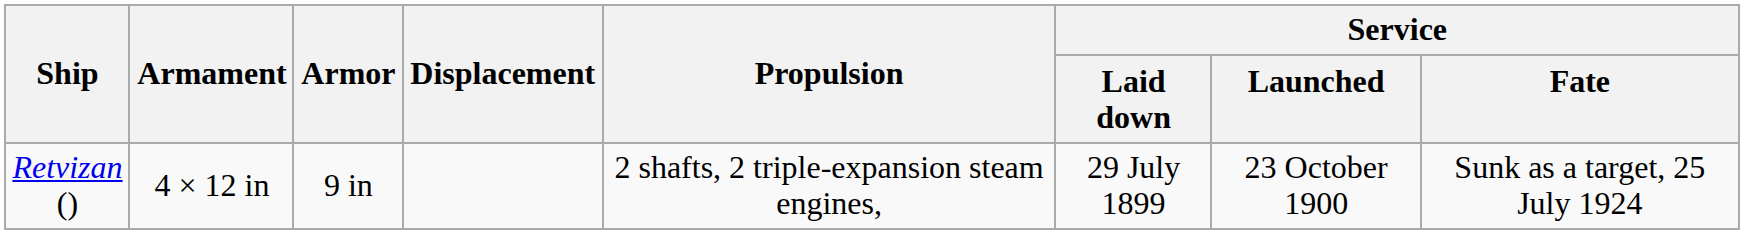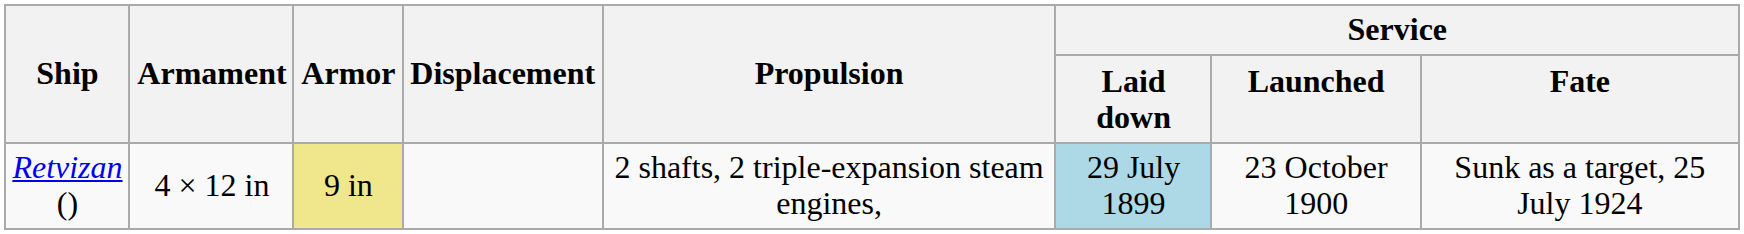 <table class="wikitable">
 <tr valign="center">
 <th align= center rowspan=2>Ship</th>
 <th align= center rowspan=2>Armament</th>
 <th align= center rowspan=2>Armor</th>
 <th align= center rowspan=2>Displacement</th>
 <th align= center rowspan=2>Propulsion</th>
 <th align= center colspan=3>Service</th>
 </tr>
 <tr valign="top">
 <th align= center>Laid down</th>
 <th align= center>Launched</th>
 <th align= center>Fate</th>
 </tr>
 <tr valign="center">
 <td align= center><em><a href='#'>Retvizan</a></em><br>()</td>
 <td align= center>4 × 12 in</td>
-<td align= center>9 in</td>
+<td align= center style="background: khaki;">9 in</td>
 <td align= center></td>
 <td align= center>2 shafts, 2 triple-expansion steam engines, </td>
-<td align= center>29 July 1899</td>
+<td align= center style="background: lightblue;">29 July 1899</td>
 <td align= center>23 October 1900</td>
 <td align= center>Sunk as a target, 25 July 1924</td>
 </tr>
 </table>
